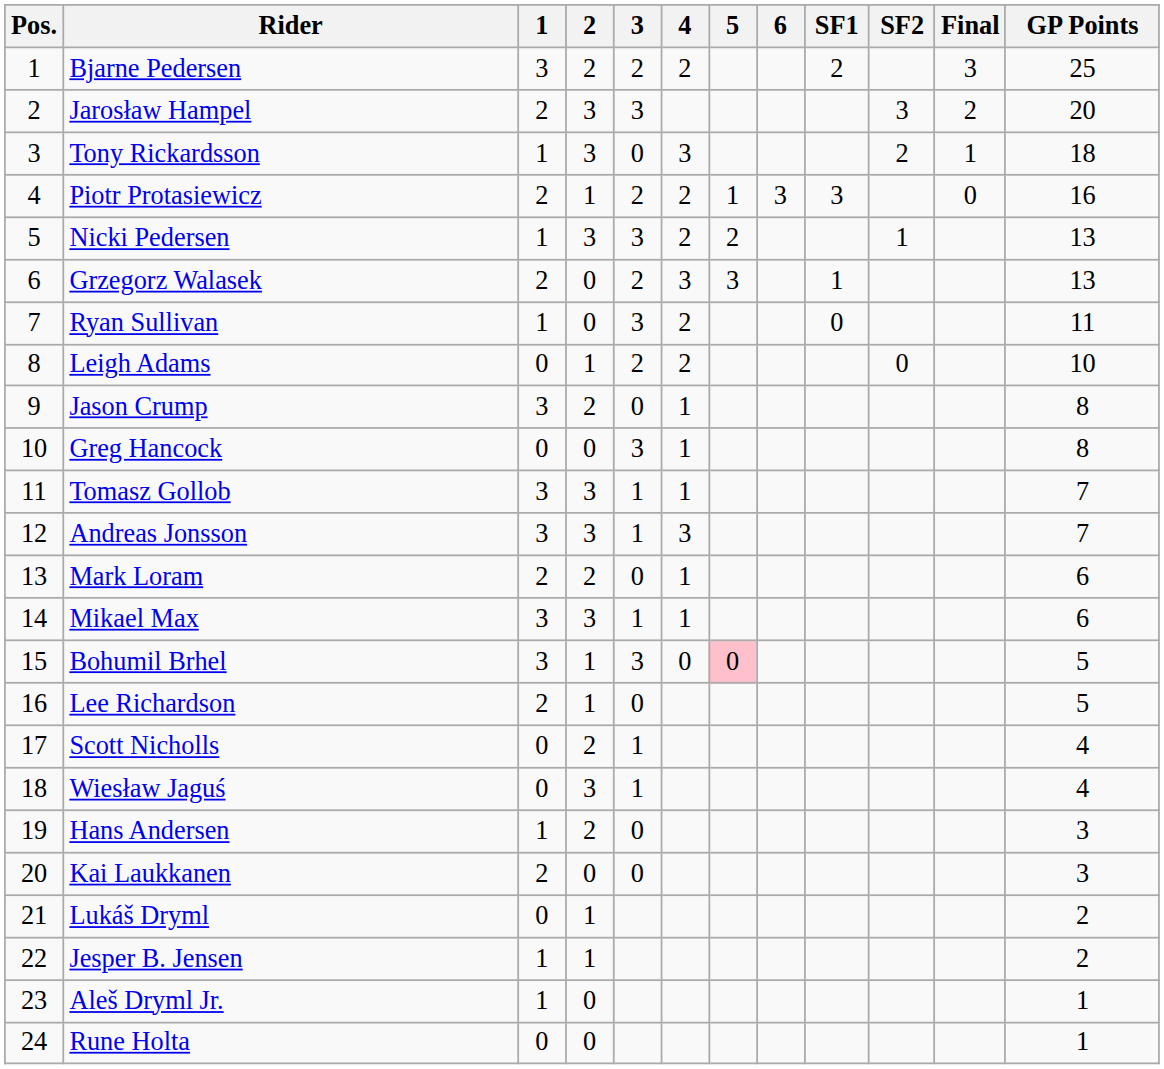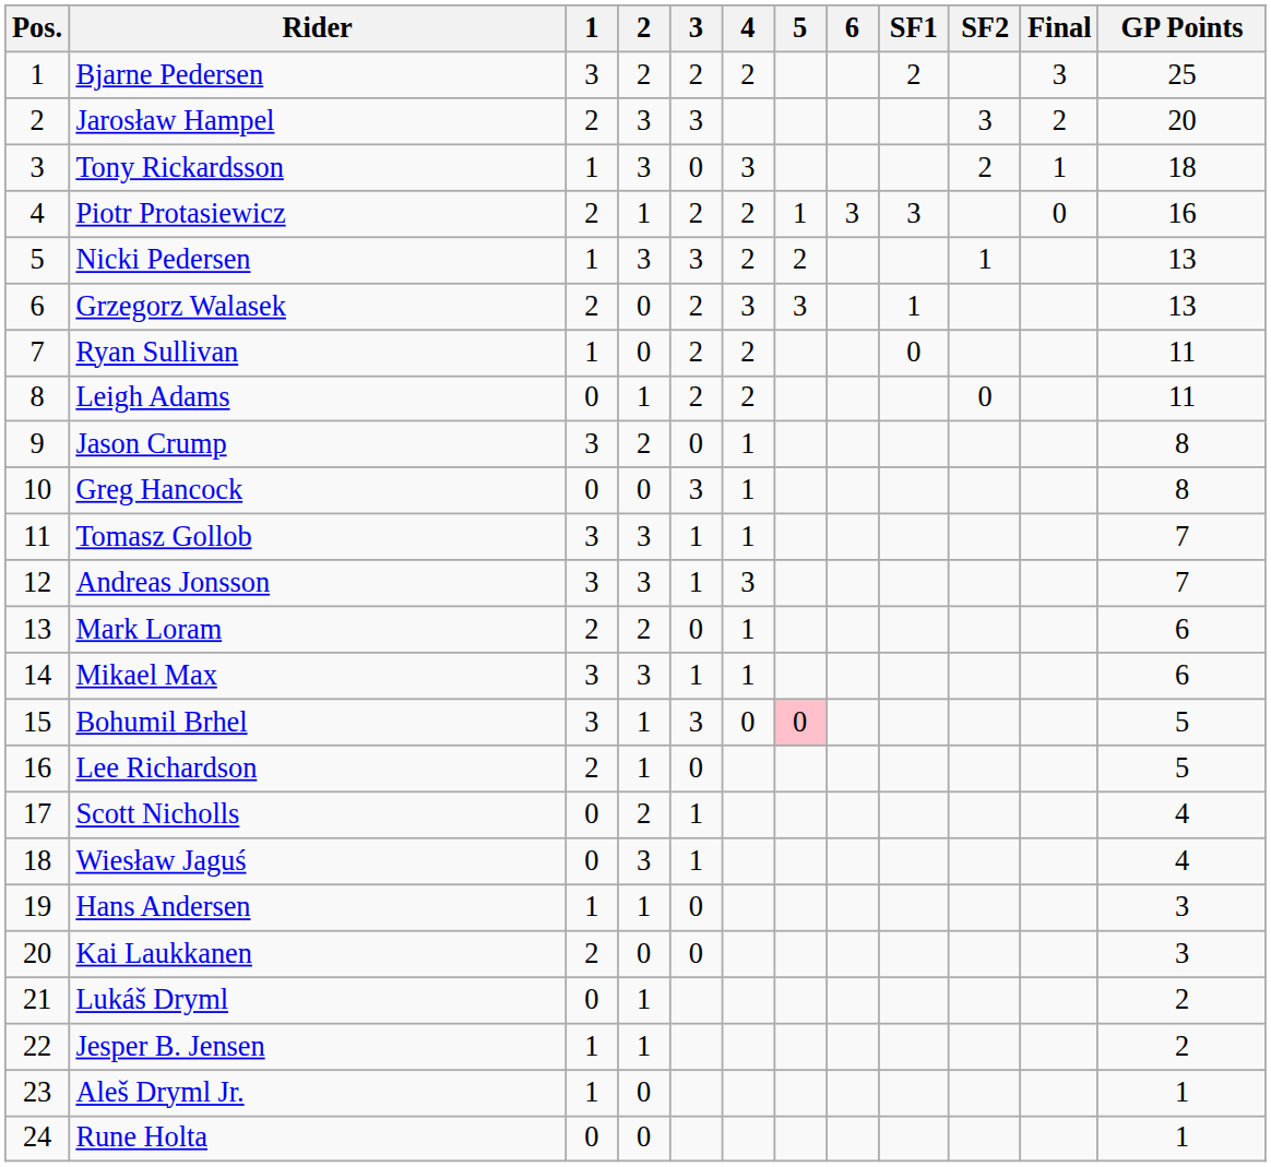 <table class=wikitable style="font-size:93%;">
 <tr>
 <th width=25px>Pos.</th>
 <th width=250px>Rider</th>
 <th width=20px>1</th>
 <th width=20px>2</th>
 <th width=20px>3</th>
 <th width=20px>4</th>
 <th width=20px>5</th>
 <th width=20px>6</th>
 <th width=30px>SF1</th>
 <th width=30px>SF2</th>
 <th width=30px>Final</th>
 <th width=80px>GP Points</th>
 </tr>
 <tr align=center style="background-color:">
 <td>1</td>
 <td align=left> <a href='#'>Bjarne Pedersen</a></td>
 <td>3</td>
 <td>2</td>
 <td>2</td>
 <td>2</td>
 <td></td>
 <td></td>
 <td>  2</td>
 <td></td>
 <td>3</td>
 <td>25</td>
 </tr>
 <tr align=center style="background-color:">
 <td>2</td>
 <td align=left> <a href='#'>Jarosław Hampel</a></td>
 <td>2</td>
 <td>3</td>
 <td>3</td>
 <td></td>
 <td></td>
 <td></td>
 <td></td>
 <td>3</td>
 <td>2</td>
 <td>20</td>
 </tr>
 <tr align=center style="background-color:">
 <td>3</td>
 <td align=left> <a href='#'>Tony Rickardsson</a></td>
 <td>1</td>
 <td>3</td>
 <td>0</td>
 <td>3</td>
 <td></td>
 <td></td>
 <td></td>
 <td>2</td>
 <td>1</td>
 <td>18</td>
 </tr>
 <tr align=center>
 <td>4</td>
 <td align=left> <a href='#'>Piotr Protasiewicz</a></td>
 <td>2</td>
 <td>1</td>
 <td>2</td>
 <td>2</td>
 <td>1</td>
 <td>3</td>
 <td>3</td>
 <td></td>
 <td>0</td>
 <td>16</td>
 </tr>
 <tr align=center>
 <td>5</td>
 <td align=left> <a href='#'>Nicki Pedersen</a></td>
 <td>1</td>
 <td>3</td>
 <td>3</td>
 <td>2</td>
 <td>2</td>
 <td></td>
 <td></td>
 <td>1</td>
 <td></td>
 <td>13</td>
 </tr>
 <tr align=center>
 <td>6</td>
 <td align=left> <a href='#'>Grzegorz Walasek</a></td>
 <td>2</td>
 <td>0</td>
 <td>2</td>
 <td>3</td>
 <td>3</td>
 <td></td>
 <td>1</td>
 <td></td>
 <td></td>
 <td>13</td>
 </tr>
 <tr align=center>
 <td>7</td>
 <td align=left> <a href='#'>Ryan Sullivan</a></td>
 <td>1</td>
 <td>0</td>
-<td>3</td>
+<td>2</td>
 <td>2</td>
 <td></td>
 <td></td>
 <td>0</td>
 <td></td>
 <td></td>
 <td>11</td>
 </tr>
 <tr align=center>
 <td>8</td>
 <td align=left> <a href='#'>Leigh Adams</a></td>
 <td>0</td>
 <td>1</td>
 <td>2</td>
 <td>2</td>
 <td></td>
 <td></td>
 <td></td>
 <td>0</td>
 <td></td>
-<td>10</td>
+<td>11</td>
 </tr>
 <tr align=center>
 <td>9</td>
 <td align=left> <a href='#'>Jason Crump</a></td>
 <td>3</td>
 <td>2</td>
 <td>0</td>
 <td>1</td>
 <td></td>
 <td></td>
 <td></td>
 <td></td>
 <td></td>
 <td>8</td>
 </tr>
 <tr align=center>
 <td>10</td>
 <td align=left> <a href='#'>Greg Hancock</a></td>
 <td>0</td>
 <td>0</td>
 <td>3</td>
 <td>1</td>
 <td></td>
 <td></td>
 <td></td>
 <td></td>
 <td></td>
 <td>8</td>
 </tr>
 <tr align=center>
 <td>11</td>
 <td align=left> <a href='#'>Tomasz Gollob</a></td>
 <td>3</td>
 <td>3</td>
 <td>1</td>
 <td>1</td>
 <td></td>
 <td></td>
 <td></td>
 <td></td>
 <td></td>
 <td>7</td>
 </tr>
 <tr align=center>
 <td>12</td>
 <td align=left> <a href='#'>Andreas Jonsson</a></td>
 <td>3</td>
 <td>3</td>
 <td>1</td>
 <td>3</td>
 <td></td>
 <td></td>
 <td></td>
 <td></td>
 <td></td>
 <td>7</td>
 </tr>
 <tr align=center>
 <td>13</td>
 <td align=left> <a href='#'>Mark Loram</a></td>
 <td>2</td>
 <td>2</td>
 <td>0</td>
 <td>1</td>
 <td></td>
 <td></td>
 <td></td>
 <td></td>
 <td></td>
 <td>6</td>
 </tr>
 <tr align=center>
 <td>14</td>
 <td align=left> <a href='#'>Mikael Max</a></td>
 <td>3</td>
 <td>3</td>
 <td>1</td>
 <td>1</td>
 <td></td>
 <td></td>
 <td></td>
 <td></td>
 <td></td>
 <td>6</td>
 </tr>
 <tr align=center>
 <td>15</td>
 <td align=left> <a href='#'>Bohumil Brhel</a></td>
 <td>3</td>
 <td>1</td>
 <td>3</td>
 <td>0</td>
 <td style="background: pink;">0</td>
 <td></td>
 <td></td>
 <td></td>
 <td></td>
 <td>5</td>
 </tr>
 <tr align=center>
 <td>16</td>
 <td align=left> <a href='#'>Lee Richardson</a></td>
 <td>2</td>
 <td>1</td>
 <td>0</td>
 <td></td>
 <td></td>
 <td></td>
 <td></td>
 <td></td>
 <td></td>
 <td>5</td>
 </tr>
 <tr align=center>
 <td>17</td>
 <td align=left> <a href='#'>Scott Nicholls</a></td>
 <td>0</td>
 <td>2</td>
 <td>1</td>
 <td></td>
 <td></td>
 <td></td>
 <td></td>
 <td></td>
 <td></td>
 <td>4</td>
 </tr>
 <tr align=center>
 <td>18</td>
 <td align=left> <a href='#'>Wiesław Jaguś</a></td>
 <td>0</td>
 <td>3</td>
 <td>1</td>
 <td></td>
 <td></td>
 <td></td>
 <td></td>
 <td></td>
 <td></td>
 <td>4</td>
 </tr>
 <tr align=center>
 <td>19</td>
 <td align=left> <a href='#'>Hans Andersen</a></td>
 <td>1</td>
-<td>2</td>
+<td>1</td>
 <td>0</td>
 <td></td>
 <td></td>
 <td></td>
 <td></td>
 <td></td>
 <td></td>
 <td>3</td>
 </tr>
 <tr align=center>
 <td>20</td>
 <td align=left> <a href='#'>Kai Laukkanen</a></td>
 <td>2</td>
 <td>0</td>
 <td>0</td>
 <td></td>
 <td></td>
 <td></td>
 <td></td>
 <td></td>
 <td></td>
 <td>3</td>
 </tr>
 <tr align=center>
 <td>21</td>
 <td align=left> <a href='#'>Lukáš Dryml</a></td>
 <td>0</td>
 <td>1</td>
 <td></td>
 <td></td>
 <td></td>
 <td></td>
 <td></td>
 <td></td>
 <td></td>
 <td>2</td>
 </tr>
 <tr align=center>
 <td>22</td>
 <td align=left> <a href='#'>Jesper B. Jensen</a></td>
 <td>1</td>
 <td>1</td>
 <td></td>
 <td></td>
 <td></td>
 <td></td>
 <td></td>
 <td></td>
 <td></td>
 <td>2</td>
 </tr>
 <tr align=center>
 <td>23</td>
 <td align=left> <a href='#'>Aleš Dryml Jr.</a></td>
 <td>1</td>
 <td>0</td>
 <td></td>
 <td></td>
 <td></td>
 <td></td>
 <td></td>
 <td></td>
 <td></td>
 <td>1</td>
 </tr>
 <tr align=center>
 <td>24</td>
 <td align=left> <a href='#'>Rune Holta</a></td>
 <td>0</td>
 <td>0</td>
 <td></td>
 <td></td>
 <td></td>
 <td></td>
 <td></td>
 <td></td>
 <td></td>
 <td>1</td>
 </tr>
 </table>
